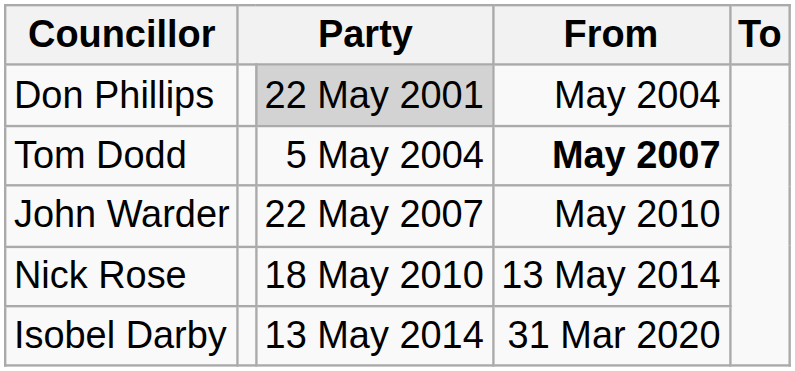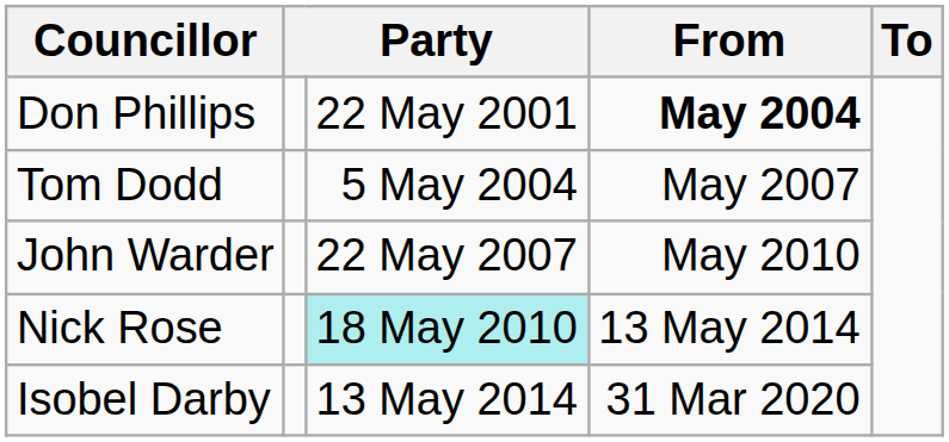 <table class=wikitable>
 <tr>
 <th>Councillor</th>
 <th colspan=2>Party</th>
 <th>From</th>
 <th>To</th>
 </tr>
 <tr>
 <td>Don Phillips</td>
 <td></td>
-<td align=right style="background: lightgrey;">22 May 2001</td>
-<td align=right>May 2004</td>
+<td align=right>22 May 2001</td>
+<td align=right><strong>May 2004</strong></td>
 </tr>
 <tr>
 <td>Tom Dodd</td>
 <td></td>
 <td align=right>5 May 2004</td>
-<td align=right><strong>May 2007</strong></td>
+<td align=right>May 2007</td>
 </tr>
 <tr>
 <td>John Warder</td>
 <td></td>
 <td align=right>22 May 2007</td>
 <td align=right>May 2010</td>
 </tr>
 <tr>
 <td>Nick Rose</td>
 <td></td>
-<td align=right>18 May 2010</td>
+<td align=right style="background: paleturquoise;">18 May 2010</td>
 <td align=right>13 May 2014</td>
 </tr>
 <tr>
 <td>Isobel Darby</td>
 <td></td>
 <td align=right>13 May 2014</td>
 <td align=right>31 Mar 2020</td>
 </tr>
 </table>
